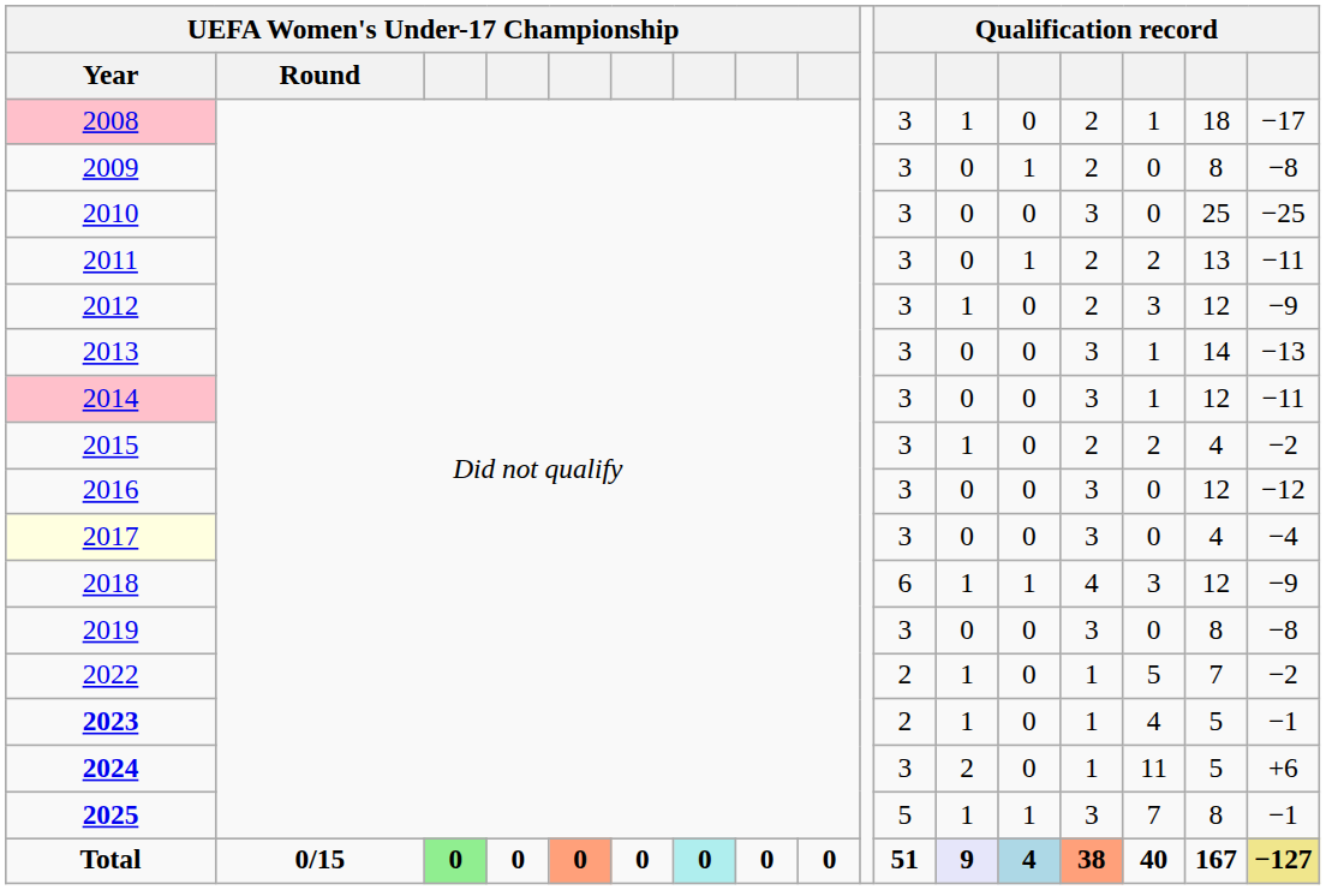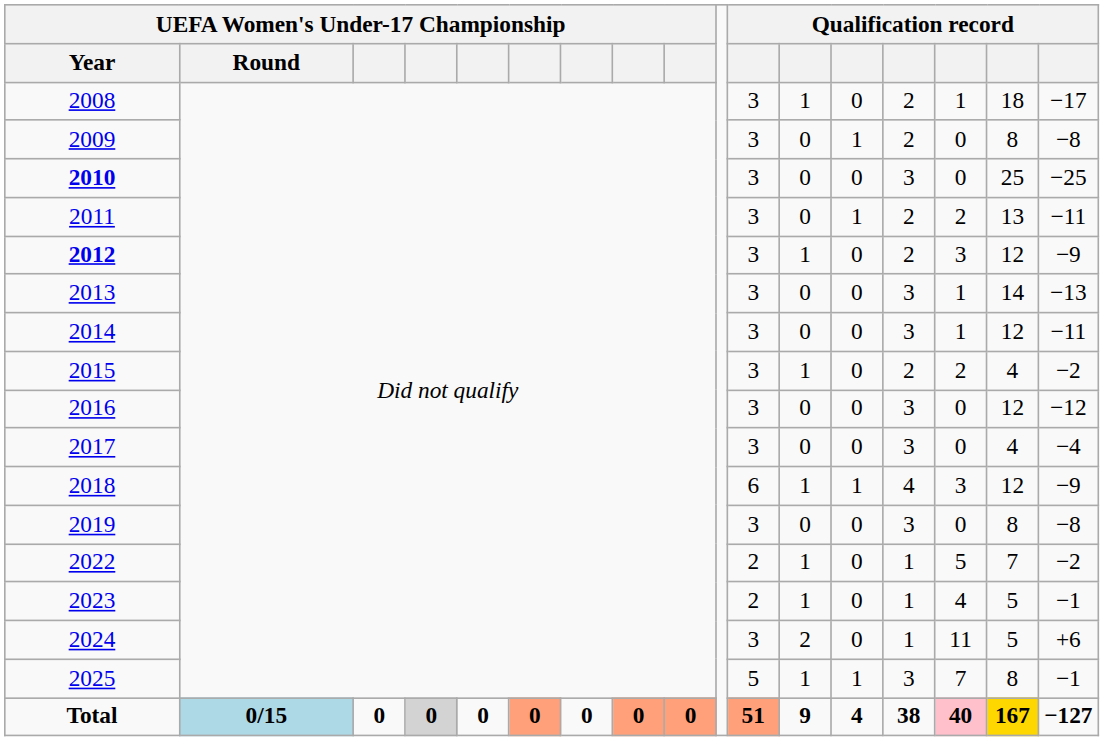 <table class="wikitable" style="text-align: center; font-size: 90%;">
 <tr>
 <th colspan=9>UEFA Women's Under-17 Championship</th>
 <td width = 1% rowspan=24></td>
 <th colspan=7>Qualification record</th>
 </tr>
 <tr>
 <th width=100>Year</th>
 <th width=100>Round</th>
 <th width=25></th>
 <th width=25></th>
 <th width=25></th>
 <th width=25></th>
 <th width=25></th>
 <th width=25></th>
 <th width=25></th>
 <th width=25></th>
 <th width=25></th>
 <th width=25></th>
 <th width=25></th>
 <th width=25></th>
 <th width=25></th>
 <th width=25></th>
 </tr>
 <tr>
-<td style="background: pink;"> <a href='#'>2008</a></td>
+<td> <a href='#'>2008</a></td>
 <td rowspan=16 colspan=8><em>Did not qualify</em></td>
 <td>3</td>
 <td>1</td>
 <td>0</td>
 <td>2</td>
 <td>1</td>
 <td>18</td>
 <td>−17</td>
 </tr>
 <tr>
 <td> <a href='#'>2009</a></td>
 <td>3</td>
 <td>0</td>
 <td>1</td>
 <td>2</td>
 <td>0</td>
 <td>8</td>
 <td>−8</td>
 </tr>
 <tr>
-<td> <a href='#'>2010</a></td>
+<td><strong> <a href='#'>2010</a></strong></td>
 <td>3</td>
 <td>0</td>
 <td>0</td>
 <td>3</td>
 <td>0</td>
 <td>25</td>
 <td>−25</td>
 </tr>
 <tr>
 <td> <a href='#'>2011</a></td>
 <td>3</td>
 <td>0</td>
 <td>1</td>
 <td>2</td>
 <td>2</td>
 <td>13</td>
 <td>−11</td>
 </tr>
 <tr>
-<td> <a href='#'>2012</a></td>
+<td><strong> <a href='#'>2012</a></strong></td>
 <td>3</td>
 <td>1</td>
 <td>0</td>
 <td>2</td>
 <td>3</td>
 <td>12</td>
 <td>−9</td>
 </tr>
 <tr>
 <td> <a href='#'>2013</a></td>
 <td>3</td>
 <td>0</td>
 <td>0</td>
 <td>3</td>
 <td>1</td>
 <td>14</td>
 <td>−13</td>
 </tr>
 <tr>
-<td style="background: pink;"> <a href='#'>2014</a></td>
+<td> <a href='#'>2014</a></td>
 <td>3</td>
 <td>0</td>
 <td>0</td>
 <td>3</td>
 <td>1</td>
 <td>12</td>
 <td>−11</td>
 </tr>
 <tr>
 <td> <a href='#'>2015</a></td>
 <td>3</td>
 <td>1</td>
 <td>0</td>
 <td>2</td>
 <td>2</td>
 <td>4</td>
 <td>−2</td>
 </tr>
 <tr>
 <td> <a href='#'>2016</a></td>
 <td>3</td>
 <td>0</td>
 <td>0</td>
 <td>3</td>
 <td>0</td>
 <td>12</td>
 <td>−12</td>
 </tr>
 <tr>
-<td style="background: lightyellow;"> <a href='#'>2017</a></td>
+<td> <a href='#'>2017</a></td>
 <td>3</td>
 <td>0</td>
 <td>0</td>
 <td>3</td>
 <td>0</td>
 <td>4</td>
 <td>−4</td>
 </tr>
 <tr>
 <td> <a href='#'>2018</a></td>
 <td>6</td>
 <td>1</td>
 <td>1</td>
 <td>4</td>
 <td>3</td>
 <td>12</td>
 <td>−9</td>
 </tr>
 <tr>
 <td> <a href='#'>2019</a></td>
 <td>3</td>
 <td>0</td>
 <td>0</td>
 <td>3</td>
 <td>0</td>
 <td>8</td>
 <td>−8</td>
 </tr>
 <tr>
 <td> <a href='#'>2022</a></td>
 <td>2</td>
 <td>1</td>
 <td>0</td>
 <td>1</td>
 <td>5</td>
 <td>7</td>
 <td>−2</td>
 </tr>
 <tr>
-<td><strong> <a href='#'>2023</a></strong></td>
+<td> <a href='#'>2023</a></td>
 <td>2</td>
 <td>1</td>
 <td>0</td>
 <td>1</td>
 <td>4</td>
 <td>5</td>
 <td>−1</td>
 </tr>
 <tr>
-<td><strong> <a href='#'>2024</a></strong></td>
+<td> <a href='#'>2024</a></td>
 <td>3</td>
 <td>2</td>
 <td>0</td>
 <td>1</td>
 <td>11</td>
 <td>5</td>
 <td>+6</td>
 </tr>
 <tr>
-<td><strong> <a href='#'>2025</a></strong></td>
+<td> <a href='#'>2025</a></td>
 <td>5</td>
 <td>1</td>
 <td>1</td>
 <td>3</td>
 <td>7</td>
 <td>8</td>
 <td>−1</td>
 </tr>
 <tr>
 <td><strong>Total</strong></td>
-<td><strong>0/15</strong></td>
-<td style="background: lightgreen;"><strong>0</strong></td>
+<td style="background: lightblue;"><strong>0/15</strong></td>
+<td><strong>0</strong></td>
+<td style="background: lightgrey;"><strong>0</strong></td>
 <td><strong>0</strong></td>
 <td style="background: lightsalmon;"><strong>0</strong></td>
 <td><strong>0</strong></td>
-<td style="background: paleturquoise;"><strong>0</strong></td>
-<td><strong>0</strong></td>
-<td><strong>0</strong></td>
-<td><strong>51</strong></td>
-<td style="background: lavender;"><strong>9</strong></td>
-<td style="background: lightblue;"><strong>4</strong></td>
-<td style="background: lightsalmon;"><strong>38</strong></td>
-<td><strong>40</strong></td>
-<td><strong>167</strong></td>
-<td style="background: khaki;"><strong>−127</strong></td>
+<td style="background: lightsalmon;"><strong>0</strong></td>
+<td style="background: lightsalmon;"><strong>0</strong></td>
+<td style="background: lightsalmon;"><strong>51</strong></td>
+<td><strong>9</strong></td>
+<td><strong>4</strong></td>
+<td><strong>38</strong></td>
+<td style="background: pink;"><strong>40</strong></td>
+<td style="background: gold;"><strong>167</strong></td>
+<td><strong>−127</strong></td>
 </tr>
 </table>
